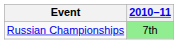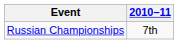 <table class="wikitable" style="text-align:center">
 <tr>
 <th>Event</th>
 <th><a href='#'>2010–11</a></th>
 </tr>
 <tr>
 <td align=left><a href='#'>Russian Championships</a></td>
-<td style="background: lightgreen;">7th</td>
+<td>7th</td>
 </tr>
 </table>
